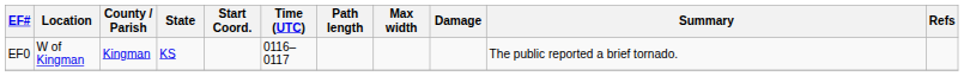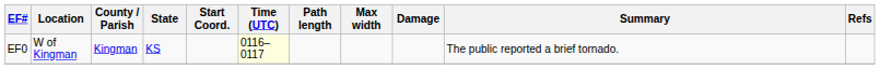 <table class="wikitable sortable" style="width:100%;">
 <tr>
 <th scope="col" width="3%" align="center"><a href='#'>EF#</a></th>
 <th scope="col" width="7%" align="center" class="unsortable">Location</th>
 <th scope="col" width="6%" align="center" class="unsortable">County / Parish</th>
 <th scope="col" width="5%" align="center">State</th>
 <th scope="col" width="6%" align="center">Start Coord.</th>
 <th scope="col" width="6%" align="center">Time (<a href='#'>UTC</a>)</th>
 <th scope="col" width="6%" align="center">Path length</th>
 <th scope="col" width="6%" align="center">Max width</th>
 <th scope="col" width="6%" align="center">Damage</th>
 <th scope="col" width="48%" class="unsortable" align="center">Summary</th>
 <th scope="col" width="48%" class="unsortable" align="center">Refs</th>
 </tr>
 <tr>
 <td>EF0</td>
 <td>W of <a href='#'>Kingman</a></td>
 <td><a href='#'>Kingman</a></td>
 <td><a href='#'>KS</a></td>
 <td></td>
-<td>0116–0117</td>
+<td style="background: lightyellow;">0116–0117</td>
 <td></td>
 <td></td>
 <td></td>
 <td>The public reported a brief tornado.</td>
 <td></td>
 </tr>
 <tr>
 </tr>
 </table>
